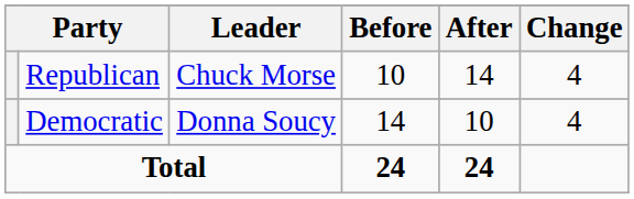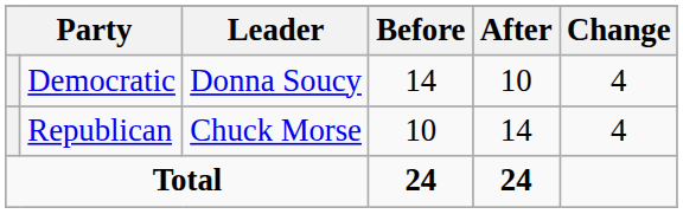 <table class="wikitable" style="text-align:center;">
 <tr>
 </tr>
 <tr>
 <th colspan=2>Party</th>
 <th>Leader</th>
 <th>Before</th>
 <th>After</th>
 <th>Change</th>
 </tr>
 <tr>
 <th style="background-color:"></th>
+<td style="text-align:left;"><a href='#'>Democratic</a></td>
+<td style="text-align:left;"><a href='#'>Donna Soucy</a></td>
+<td>14</td>
+<td>10</td>
+<td> 4</td>
+</tr>
+<tr>
+<th style="background-color:"></th>
 <td style="text-align:left;"><a href='#'>Republican</a></td>
 <td style="text-align:left;"><a href='#'>Chuck Morse</a></td>
 <td>10</td>
 <td>14</td>
-<td> 4</td>
-</tr>
-<tr>
-<th style="background-color:"></th>
-<td style="text-align:left;"><a href='#'>Democratic</a></td>
-<td style="text-align:left;"><a href='#'>Donna Soucy</a></td>
-<td>14</td>
-<td>10</td>
 <td> 4</td>
 </tr>
 <tr>
 <td colspan=3><strong>Total</strong></td>
 <td><strong>24</strong></td>
 <td><strong>24</strong></td>
 <td></td>
 </tr>
 </table>
